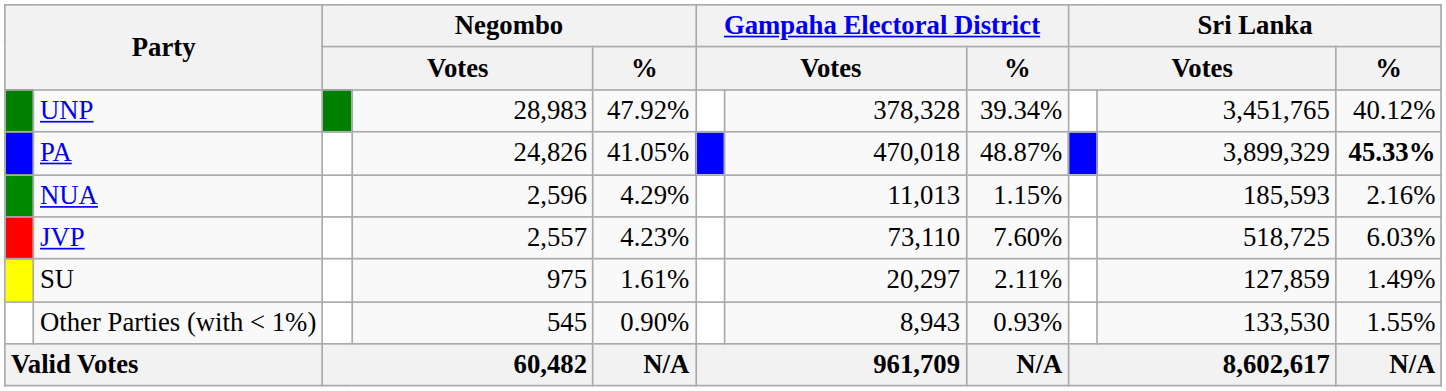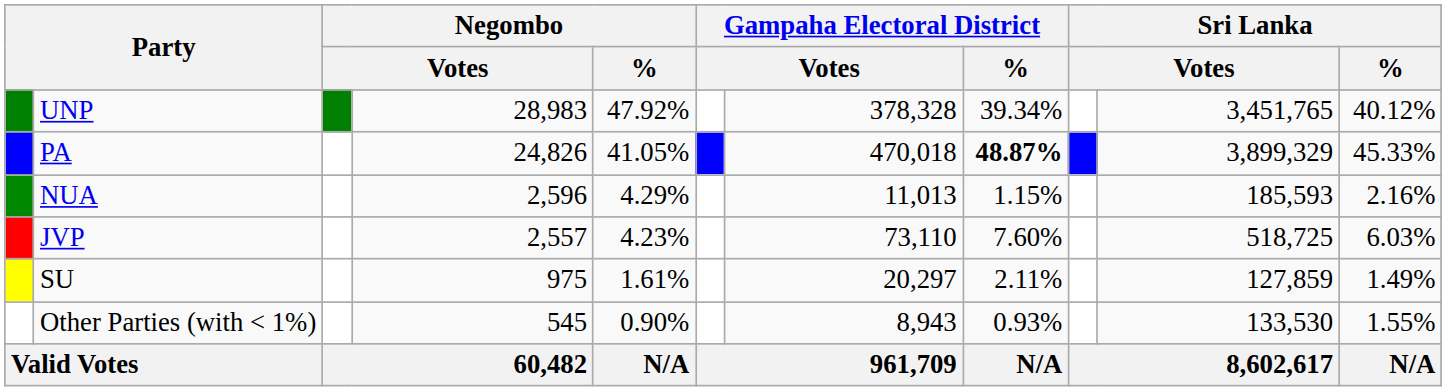 <table class="wikitable">
 <tr>
 <th colspan="2" width="144px"rowspan="2">Party</th>
 <th colspan="3" width="216px">Negombo</th>
 <th colspan="3" width="216px"><a href='#'>Gampaha Electoral District</a></th>
 <th colspan="3" width="216px">Sri Lanka</th>
 </tr>
 <tr>
 <th colspan="2" width="144px">Votes</th>
 <th>%</th>
 <th colspan="2" width="144px">Votes</th>
 <th>%</th>
 <th colspan="2" width="144px">Votes</th>
 <th>%</th>
 </tr>
 <tr>
 <td style="background-color:green;" width="10px"></td>
 <td style="text-align:left;"><a href='#'>UNP</a></td>
 <td style="background-color:green;" width="10px"></td>
 <td style="text-align:right;">28,983</td>
 <td style="text-align:right;">47.92%</td>
 <td style="background-color:white;" width="10px"></td>
 <td style="text-align:right;">378,328</td>
 <td style="text-align:right;">39.34%</td>
 <td style="background-color:white;" width="10px"></td>
 <td style="text-align:right;">3,451,765</td>
 <td style="text-align:right;">40.12%</td>
 </tr>
 <tr>
 <td style="background-color:blue;" width="10px"></td>
 <td style="text-align:left;"><a href='#'>PA</a></td>
 <td style="background-color:white;" width="10px"></td>
 <td style="text-align:right;">24,826</td>
 <td style="text-align:right;">41.05%</td>
 <td style="background-color:blue;" width="10px"></td>
 <td style="text-align:right;">470,018</td>
-<td style="text-align:right;">48.87%</td>
+<td style="text-align:right;"><strong>48.87%</strong></td>
 <td style="background-color:blue;" width="10px"></td>
 <td style="text-align:right;">3,899,329</td>
-<td style="text-align:right;"><strong>45.33%</strong></td>
+<td style="text-align:right;">45.33%</td>
 </tr>
 <tr>
 <td style="background-color:#008800;" width="10px"></td>
 <td style="text-align:left;"><a href='#'>NUA</a></td>
 <td style="background-color:white;" width="10px"></td>
 <td style="text-align:right;">2,596</td>
 <td style="text-align:right;">4.29%</td>
 <td style="background-color:white;" width="10px"></td>
 <td style="text-align:right;">11,013</td>
 <td style="text-align:right;">1.15%</td>
 <td style="background-color:white;" width="10px"></td>
 <td style="text-align:right;">185,593</td>
 <td style="text-align:right;">2.16%</td>
 </tr>
 <tr>
 <td style="background-color:red;" width="10px"></td>
 <td style="text-align:left;"><a href='#'>JVP</a></td>
 <td style="background-color:white;" width="10px"></td>
 <td style="text-align:right;">2,557</td>
 <td style="text-align:right;">4.23%</td>
 <td style="background-color:white;" width="10px"></td>
 <td style="text-align:right;">73,110</td>
 <td style="text-align:right;">7.60%</td>
 <td style="background-color:white;" width="10px"></td>
 <td style="text-align:right;">518,725</td>
 <td style="text-align:right;">6.03%</td>
 </tr>
 <tr>
 <td style="background-color:yellow;" width="10px"></td>
 <td style="text-align:left;">SU</td>
 <td style="background-color:white;" width="10px"></td>
 <td style="text-align:right;">975</td>
 <td style="text-align:right;">1.61%</td>
 <td style="background-color:white;" width="10px"></td>
 <td style="text-align:right;">20,297</td>
 <td style="text-align:right;">2.11%</td>
 <td style="background-color:white;" width="10px"></td>
 <td style="text-align:right;">127,859</td>
 <td style="text-align:right;">1.49%</td>
 </tr>
 <tr>
 <td style="background-color:white;" width="10px"></td>
 <td style="text-align:left;">Other Parties (with < 1%)</td>
 <td style="background-color:white;" width="10px"></td>
 <td style="text-align:right;">545</td>
 <td style="text-align:right;">0.90%</td>
 <td style="background-color:white;" width="10px"></td>
 <td style="text-align:right;">8,943</td>
 <td style="text-align:right;">0.93%</td>
 <td style="background-color:white;" width="10px"></td>
 <td style="text-align:right;">133,530</td>
 <td style="text-align:right;">1.55%</td>
 </tr>
 <tr>
 <th colspan="2" width="144px"style="text-align:left;">Valid Votes</th>
 <th style="text-align:right;"colspan="2" width="144px">60,482</th>
 <th style="text-align:right;">N/A</th>
 <th style="text-align:right;"colspan="2" width="144px">961,709</th>
 <th style="text-align:right;">N/A</th>
 <th style="text-align:right;"colspan="2" width="144px">8,602,617</th>
 <th style="text-align:right;">N/A</th>
 </tr>
 </table>
